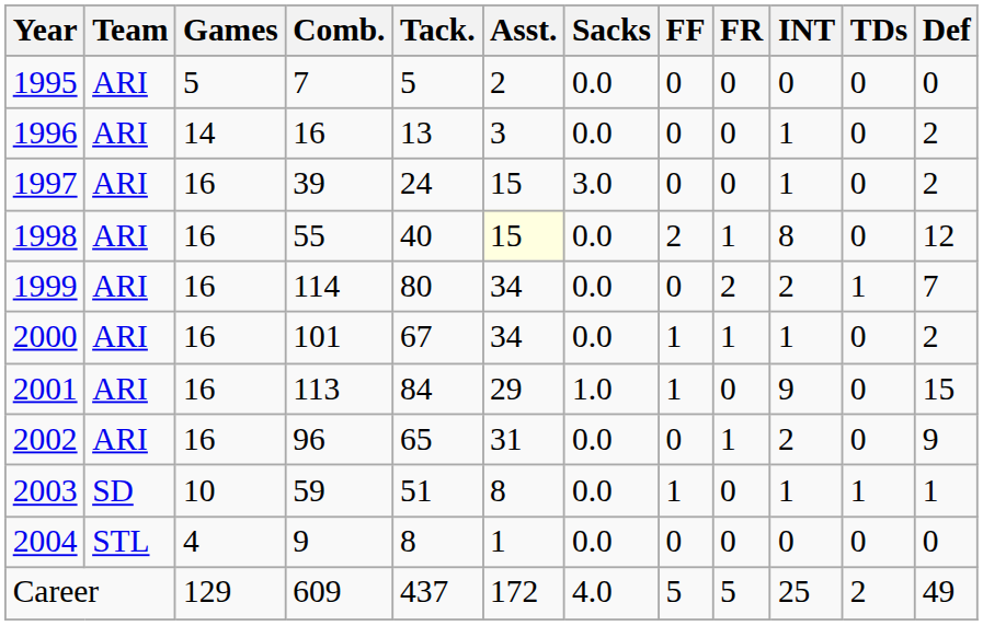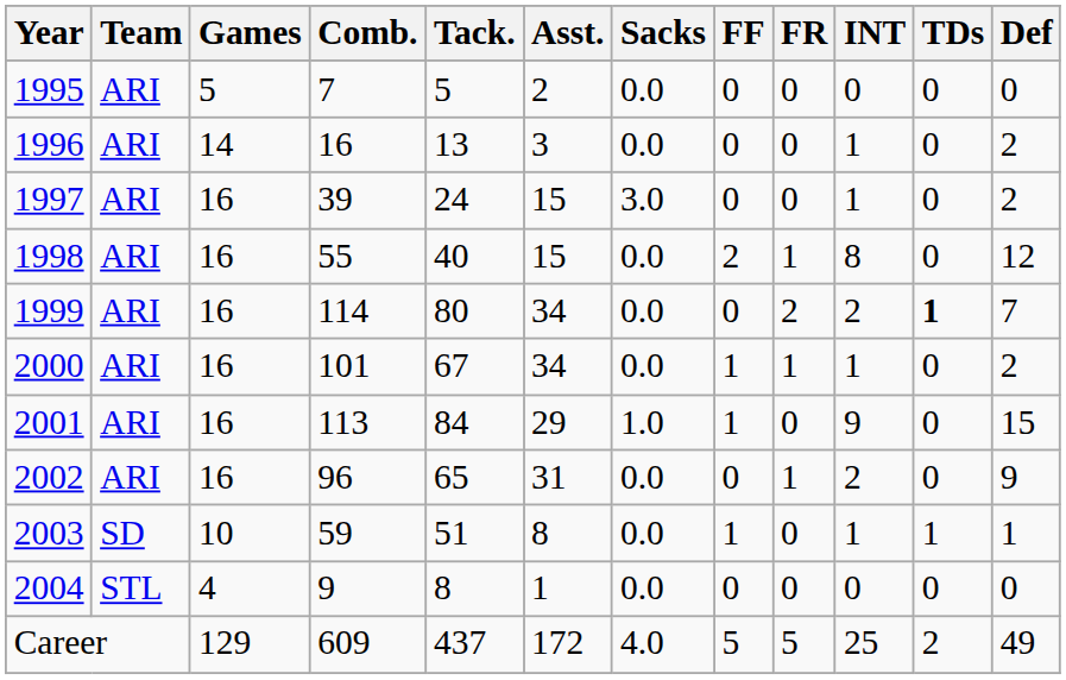 <table class="wikitable">
 <tr>
 <th>Year</th>
 <th>Team</th>
 <th>Games</th>
 <th>Comb.</th>
 <th>Tack.</th>
 <th>Asst.</th>
 <th>Sacks</th>
 <th>FF</th>
 <th>FR</th>
 <th>INT</th>
 <th>TDs</th>
 <th>Def</th>
 </tr>
 <tr>
 <td><a href='#'>1995</a></td>
 <td><a href='#'>ARI</a></td>
 <td>5</td>
 <td>7</td>
 <td>5</td>
 <td>2</td>
 <td>0.0</td>
 <td>0</td>
 <td>0</td>
 <td>0</td>
 <td>0</td>
 <td>0</td>
 </tr>
 <tr>
 <td><a href='#'>1996</a></td>
 <td><a href='#'>ARI</a></td>
 <td>14</td>
 <td>16</td>
 <td>13</td>
 <td>3</td>
 <td>0.0</td>
 <td>0</td>
 <td>0</td>
 <td>1</td>
 <td>0</td>
 <td>2</td>
 </tr>
 <tr>
 <td><a href='#'>1997</a></td>
 <td><a href='#'>ARI</a></td>
 <td>16</td>
 <td>39</td>
 <td>24</td>
 <td>15</td>
 <td>3.0</td>
 <td>0</td>
 <td>0</td>
 <td>1</td>
 <td>0</td>
 <td>2</td>
 </tr>
 <tr>
 <td><a href='#'>1998</a></td>
 <td><a href='#'>ARI</a></td>
 <td>16</td>
 <td>55</td>
 <td>40</td>
-<td style="background: lightyellow;">15</td>
+<td>15</td>
 <td>0.0</td>
 <td>2</td>
 <td>1</td>
 <td>8</td>
 <td>0</td>
 <td>12</td>
 </tr>
 <tr>
 <td><a href='#'>1999</a></td>
 <td><a href='#'>ARI</a></td>
 <td>16</td>
 <td>114</td>
 <td>80</td>
 <td>34</td>
 <td>0.0</td>
 <td>0</td>
 <td>2</td>
 <td>2</td>
-<td>1</td>
+<td><strong>1</strong></td>
 <td>7</td>
 </tr>
 <tr>
 <td><a href='#'>2000</a></td>
 <td><a href='#'>ARI</a></td>
 <td>16</td>
 <td>101</td>
 <td>67</td>
 <td>34</td>
 <td>0.0</td>
 <td>1</td>
 <td>1</td>
 <td>1</td>
 <td>0</td>
 <td>2</td>
 </tr>
 <tr>
 <td><a href='#'>2001</a></td>
 <td><a href='#'>ARI</a></td>
 <td>16</td>
 <td>113</td>
 <td>84</td>
 <td>29</td>
 <td>1.0</td>
 <td>1</td>
 <td>0</td>
 <td>9</td>
 <td>0</td>
 <td>15</td>
 </tr>
 <tr>
 <td><a href='#'>2002</a></td>
 <td><a href='#'>ARI</a></td>
 <td>16</td>
 <td>96</td>
 <td>65</td>
 <td>31</td>
 <td>0.0</td>
 <td>0</td>
 <td>1</td>
 <td>2</td>
 <td>0</td>
 <td>9</td>
 </tr>
 <tr>
 <td><a href='#'>2003</a></td>
 <td><a href='#'>SD</a></td>
 <td>10</td>
 <td>59</td>
 <td>51</td>
 <td>8</td>
 <td>0.0</td>
 <td>1</td>
 <td>0</td>
 <td>1</td>
 <td>1</td>
 <td>1</td>
 </tr>
 <tr>
 <td><a href='#'>2004</a></td>
 <td><a href='#'>STL</a></td>
 <td>4</td>
 <td>9</td>
 <td>8</td>
 <td>1</td>
 <td>0.0</td>
 <td>0</td>
 <td>0</td>
 <td>0</td>
 <td>0</td>
 <td>0</td>
 </tr>
 <tr>
 <td colspan="2">Career</td>
 <td>129</td>
 <td>609</td>
 <td>437</td>
 <td>172</td>
 <td>4.0</td>
 <td>5</td>
 <td>5</td>
 <td>25</td>
 <td>2</td>
 <td>49</td>
 </tr>
 </table>
